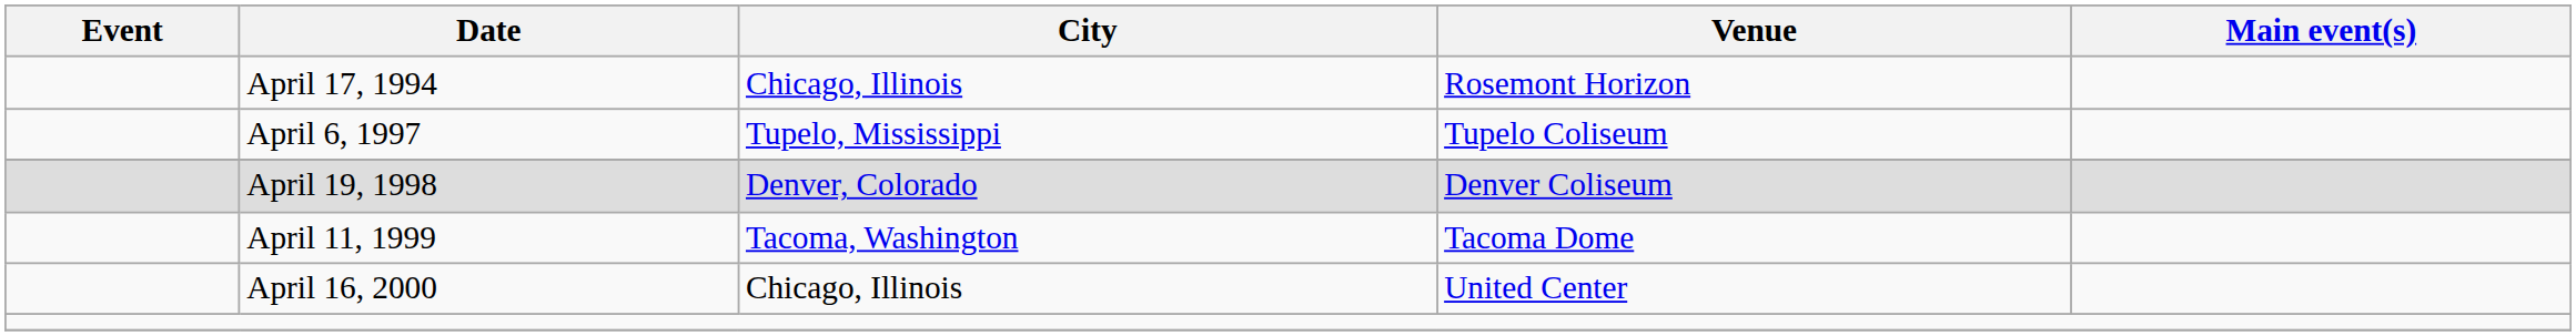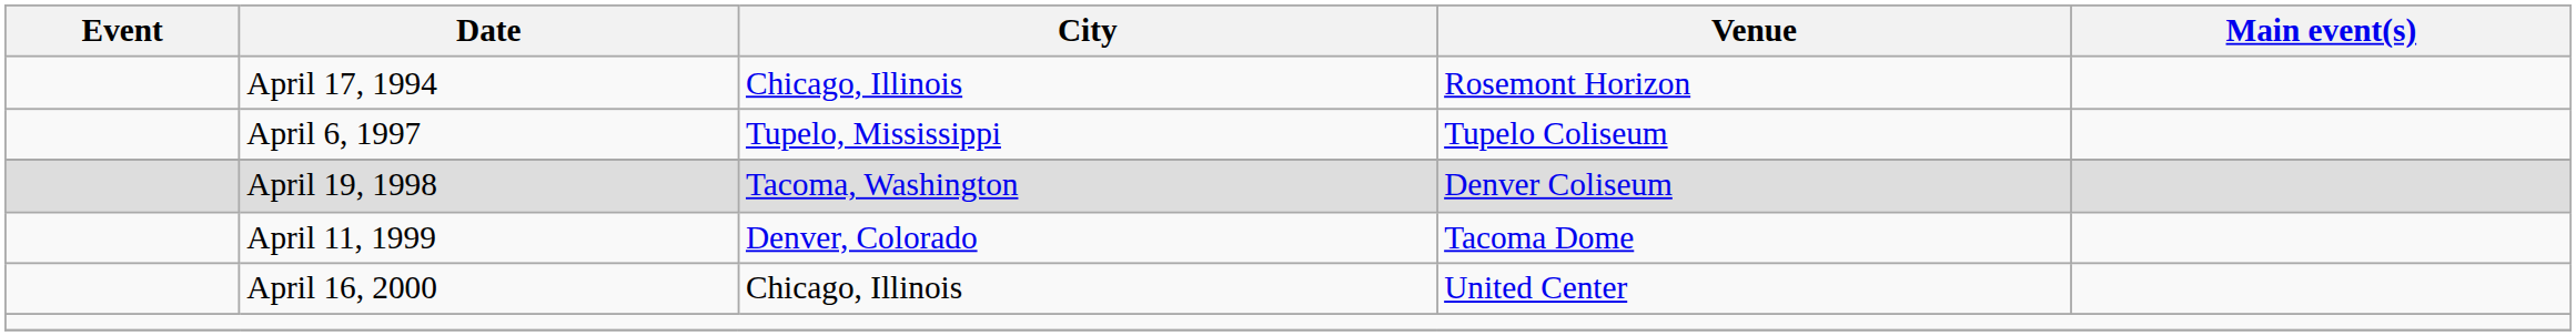 <table class="wikitable sortable" style="align: center" width=100%>
 <tr>
 <th>Event</th>
 <th>Date</th>
 <th>City</th>
 <th>Venue</th>
 <th class="unsortable"><a href='#'>Main event(s)</a></th>
 </tr>
 <tr>
 <td></td>
 <td>April 17, 1994</td>
 <td><a href='#'>Chicago, Illinois</a></td>
 <td><a href='#'>Rosemont Horizon</a></td>
 <td></td>
 </tr>
 <tr>
 <td></td>
 <td>April 6, 1997</td>
 <td><a href='#'>Tupelo, Mississippi</a></td>
 <td><a href='#'>Tupelo Coliseum</a></td>
 <td></td>
 </tr>
 <tr>
 </tr>
 <tr bgcolor="#ddd">
 <td></td>
 <td>April 19, 1998</td>
-<td><a href='#'>Denver, Colorado</a></td>
+<td><a href='#'>Tacoma, Washington</a></td>
 <td><a href='#'>Denver Coliseum</a></td>
 <td></td>
 </tr>
 <tr>
 <td></td>
 <td>April 11, 1999</td>
-<td><a href='#'>Tacoma, Washington</a></td>
+<td><a href='#'>Denver, Colorado</a></td>
 <td><a href='#'>Tacoma Dome</a></td>
 <td></td>
 </tr>
 <tr>
 <td></td>
 <td>April 16, 2000</td>
 <td>Chicago, Illinois</td>
 <td><a href='#'>United Center</a></td>
 <td></td>
 </tr>
 <tr>
 <td colspan="10"></td>
 </tr>
 <tr>
 </tr>
 </table>
